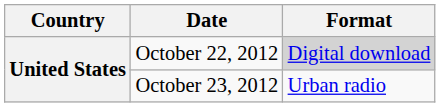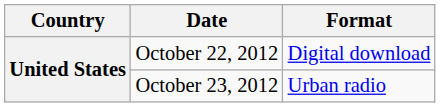 <table class="wikitable plainrowheaders">
 <tr>
 <th>Country</th>
 <th>Date</th>
 <th>Format</th>
 </tr>
 <tr>
 <th scope="row" rowspan="2">United States</th>
 <td>October 22, 2012</td>
-<td style="background: lightgrey;"><a href='#'>Digital download</a></td>
+<td><a href='#'>Digital download</a></td>
 </tr>
 <tr>
 <td>October 23, 2012</td>
 <td><a href='#'>Urban radio</a></td>
 </tr>
 </table>
